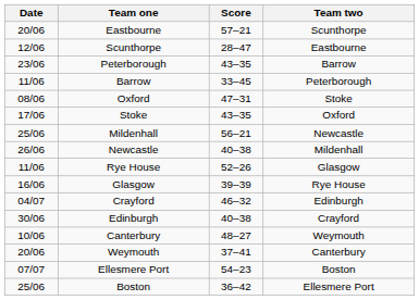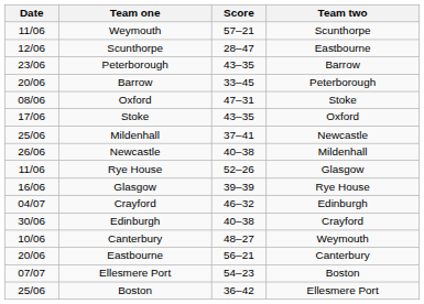 <table class="wikitable" style="text-align: center">
 <tr>
 <th width=80>Date</th>
 <th width=250>Team one</th>
 <th width=80>Score</th>
 <th width=250>Team two</th>
 </tr>
 <tr>
-<td>20/06</td>
-<td>Eastbourne</td>
+<td>11/06</td>
+<td>Weymouth</td>
 <td>57–21</td>
 <td>Scunthorpe</td>
 </tr>
 <tr>
 <td>12/06</td>
 <td>Scunthorpe</td>
 <td>28–47</td>
 <td>Eastbourne</td>
 </tr>
 <tr>
 <td>23/06</td>
 <td>Peterborough</td>
 <td>43–35</td>
 <td>Barrow</td>
 </tr>
 <tr>
-<td>11/06</td>
+<td>20/06</td>
 <td>Barrow</td>
 <td>33–45</td>
 <td>Peterborough</td>
 </tr>
 <tr>
 <td>08/06</td>
 <td>Oxford</td>
 <td>47–31</td>
 <td>Stoke</td>
 </tr>
 <tr>
 <td>17/06</td>
 <td>Stoke</td>
 <td>43–35</td>
 <td>Oxford</td>
 </tr>
 <tr>
 <td>25/06</td>
 <td>Mildenhall</td>
-<td>56–21</td>
+<td>37–41</td>
 <td>Newcastle</td>
 </tr>
 <tr>
 <td>26/06</td>
 <td>Newcastle</td>
 <td>40–38</td>
 <td>Mildenhall</td>
 </tr>
 <tr>
 <td>11/06</td>
 <td>Rye House</td>
 <td>52–26</td>
 <td>Glasgow</td>
 </tr>
 <tr>
 <td>16/06</td>
 <td>Glasgow</td>
 <td>39–39</td>
 <td>Rye House</td>
 </tr>
 <tr>
 <td>04/07</td>
 <td>Crayford</td>
 <td>46–32</td>
 <td>Edinburgh</td>
 </tr>
 <tr>
 <td>30/06</td>
 <td>Edinburgh</td>
 <td>40–38</td>
 <td>Crayford</td>
 </tr>
 <tr>
 <td>10/06</td>
 <td>Canterbury</td>
 <td>48–27</td>
 <td>Weymouth</td>
 </tr>
 <tr>
 <td>20/06</td>
-<td>Weymouth</td>
-<td>37–41</td>
+<td>Eastbourne</td>
+<td>56–21</td>
 <td>Canterbury</td>
 </tr>
 <tr>
 <td>07/07</td>
 <td>Ellesmere Port</td>
 <td>54–23</td>
 <td>Boston</td>
 </tr>
 <tr>
 <td>25/06</td>
 <td>Boston</td>
 <td>36–42</td>
 <td>Ellesmere Port</td>
 </tr>
 </table>
